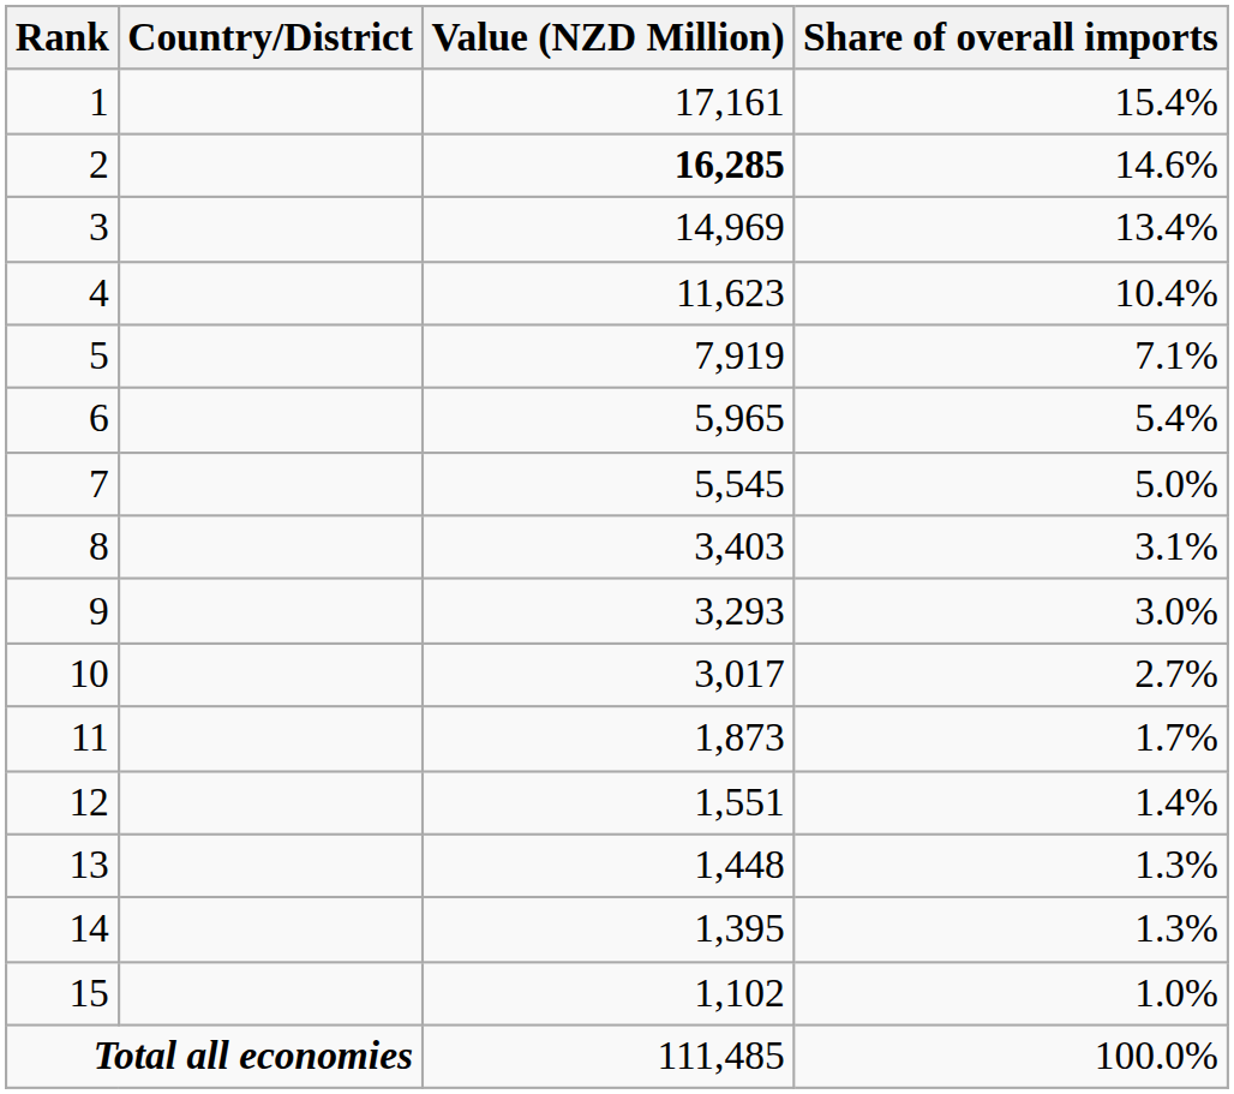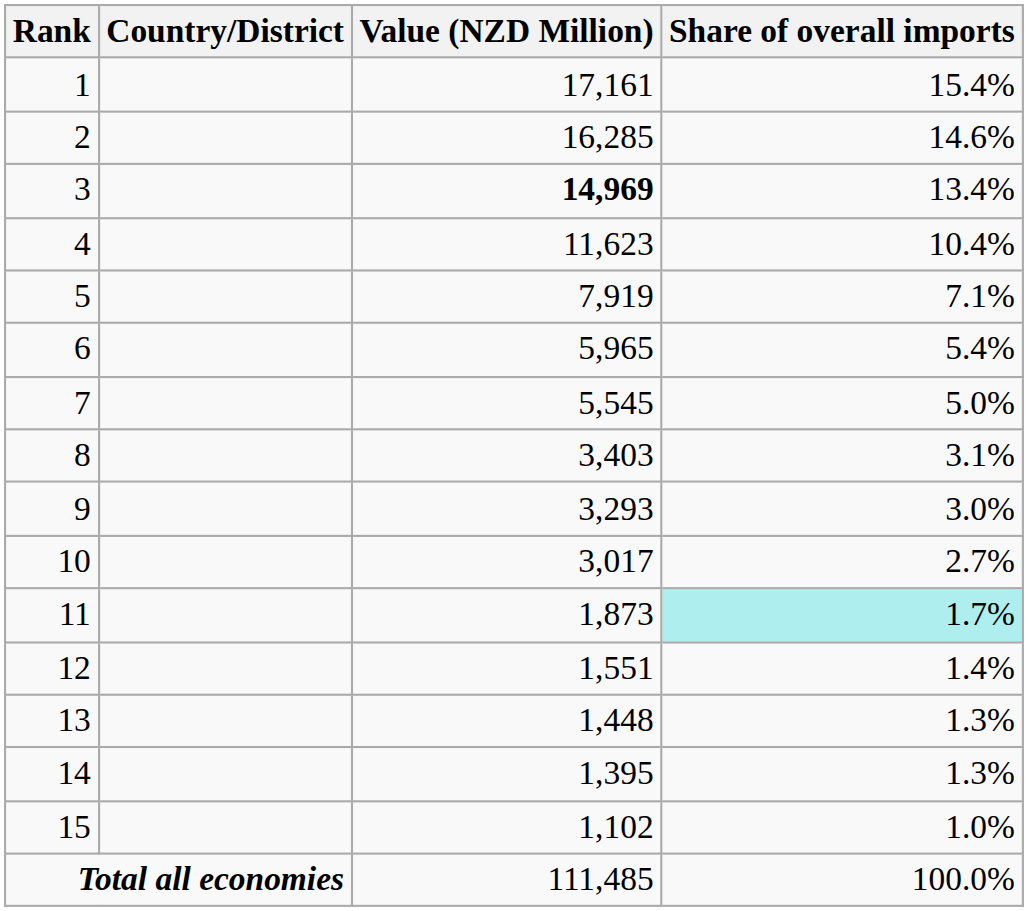 <table class="wikitable sortable" style="text-align:right;">
 <tr>
 <th>Rank</th>
 <th>Country/District</th>
 <th>Value (NZD Million)</th>
 <th>Share of overall imports</th>
 </tr>
 <tr>
 <td>1</td>
 <td><strong></strong></td>
 <td>17,161</td>
 <td>15.4%</td>
 </tr>
 <tr>
 <td>2</td>
 <td><strong></strong></td>
-<td><strong>16,285</strong></td>
+<td>16,285</td>
 <td>14.6%</td>
 </tr>
 <tr>
 <td>3</td>
 <td><strong></strong></td>
-<td>14,969</td>
+<td><strong>14,969</strong></td>
 <td>13.4%</td>
 </tr>
 <tr>
 <td>4</td>
 <td><strong></strong></td>
 <td>11,623</td>
 <td>10.4%</td>
 </tr>
 <tr>
 <td>5</td>
 <td><strong></strong></td>
 <td>7,919</td>
 <td>7.1%</td>
 </tr>
 <tr>
 <td>6</td>
 <td><strong></strong></td>
 <td>5,965</td>
 <td>5.4%</td>
 </tr>
 <tr>
 <td>7</td>
 <td><strong></strong></td>
 <td>5,545</td>
 <td>5.0%</td>
 </tr>
 <tr>
 <td>8</td>
 <td><strong></strong></td>
 <td>3,403</td>
 <td>3.1%</td>
 </tr>
 <tr>
 <td>9</td>
 <td><strong></strong></td>
 <td>3,293</td>
 <td>3.0%</td>
 </tr>
 <tr>
 <td>10</td>
 <td><strong></strong></td>
 <td>3,017</td>
 <td>2.7%</td>
 </tr>
 <tr>
 <td>11</td>
 <td><strong></strong></td>
 <td>1,873</td>
-<td>1.7%</td>
+<td style="background: paleturquoise;">1.7%</td>
 </tr>
 <tr>
 <td>12</td>
 <td><strong></strong></td>
 <td>1,551</td>
 <td>1.4%</td>
 </tr>
 <tr>
 <td>13</td>
 <td><strong></strong></td>
 <td>1,448</td>
 <td>1.3%</td>
 </tr>
 <tr>
 <td>14</td>
 <td><strong></strong></td>
 <td>1,395</td>
 <td>1.3%</td>
 </tr>
 <tr>
 <td>15</td>
 <td><strong></strong></td>
 <td>1,102</td>
 <td>1.0%</td>
 </tr>
 <tr class="sortbottom">
 <td colspan="2"><strong><em>Total all economies</em></strong></td>
 <td>111,485</td>
 <td>100.0%</td>
 </tr>
 </table>
